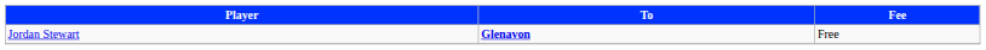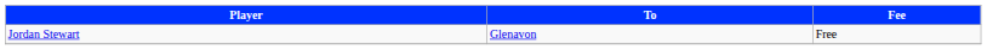 <table class="wikitable" style="text-align:left; font-size:95%;width:98%;">
 <tr>
 <th style="background:#0033FF; color:white;">Player</th>
 <th style="background:#0033FF; color:white;">To</th>
 <th style="background:#0033FF; color:white;">Fee</th>
 </tr>
 <tr>
 <td> <a href='#'>Jordan Stewart</a></td>
-<td><strong> <a href='#'>Glenavon</a></strong></td>
+<td> <a href='#'>Glenavon</a></td>
 <td>Free</td>
 </tr>
 <tr>
 </tr>
 </table>
